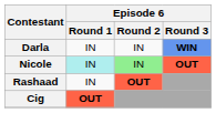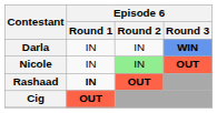 <table class="wikitable" style="text-align:center;font-size:100%">
 <tr>
 <th rowspan=2>Contestant</th>
 <th colspan=3>Episode 6</th>
 </tr>
 <tr>
 <th>Round 1</th>
 <th>Round 2</th>
 <th>Round 3</th>
 </tr>
 <tr>
 <th>Darla</th>
 <td>IN</td>
 <td>IN</td>
 <td style="background:cornflowerblue;"><strong>WIN</strong></td>
 </tr>
 <tr>
 <th>Nicole</th>
-<td style="background: paleturquoise;">IN</td>
+<td>IN</td>
 <td style="background: lightgreen;">IN</td>
 <td style="background:tomato;"><strong>OUT</strong></td>
 </tr>
 <tr>
 <th>Rashaad</th>
-<td>IN</td>
+<td><strong>IN</strong></td>
 <td style="background:tomato;"><strong>OUT</strong></td>
 <td colspan="3" style="background:darkgrey;"></td>
 </tr>
 <tr>
 <th>Cig</th>
 <td style="background:tomato;"><strong>OUT</strong></td>
 <td colspan="3" style="background:darkgrey;"></td>
 </tr>
 <tr>
 </tr>
 </table>
